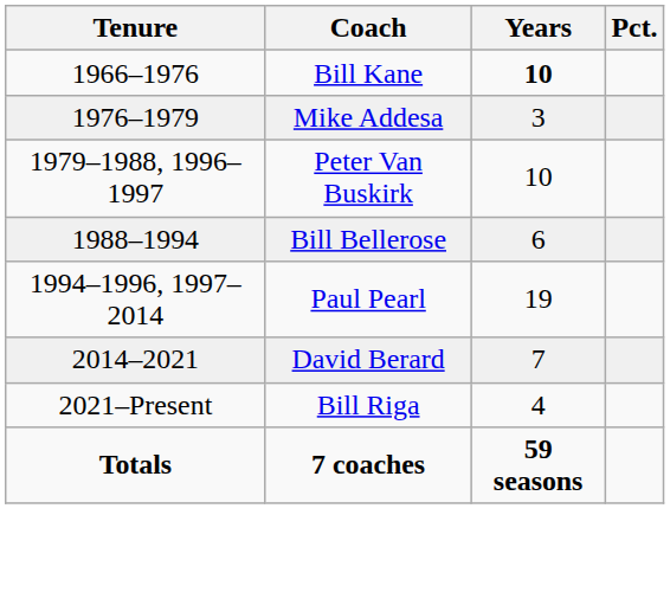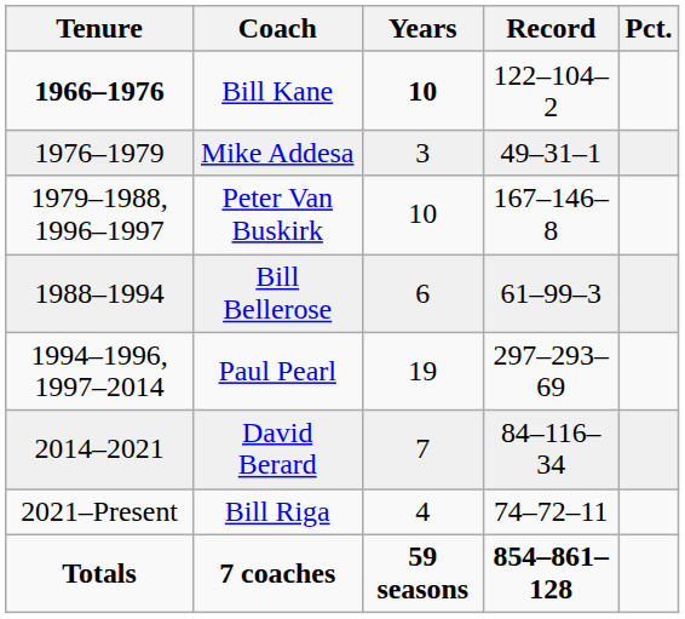 <table class="wikitable" width="60%">
 <tr>
 <th>Tenure</th>
 <th>Coach</th>
 <th>Years</th>
+<th>Record</th>
 <th>Pct.</th>
 </tr>
 <tr align="center">
-<td>1966–1976</td>
+<td><strong>1966–1976</strong></td>
 <td><a href='#'>Bill Kane</a></td>
 <td><strong>10</strong></td>
+<td>122–104–2</td>
 <td></td>
 </tr>
 <tr align="center" bgcolor=f0f0f0>
 <td>1976–1979</td>
 <td><a href='#'>Mike Addesa</a></td>
 <td>3</td>
+<td>49–31–1</td>
 <td></td>
 </tr>
 <tr align="center">
 <td>1979–1988, 1996–1997</td>
 <td><a href='#'>Peter Van Buskirk</a></td>
 <td>10</td>
+<td>167–146–8</td>
 <td></td>
 </tr>
 <tr align="center" bgcolor=f0f0f0>
 <td>1988–1994</td>
 <td><a href='#'>Bill Bellerose</a></td>
 <td>6</td>
+<td>61–99–3</td>
 <td></td>
 </tr>
 <tr align="center">
 <td>1994–1996, 1997–2014</td>
 <td><a href='#'>Paul Pearl</a></td>
 <td>19</td>
+<td>297–293–69</td>
 <td></td>
 </tr>
 <tr align="center" bgcolor=f0f0f0>
 <td>2014–2021</td>
 <td><a href='#'>David Berard</a></td>
 <td>7</td>
+<td>84–116–34</td>
 <td></td>
 </tr>
 <tr align="center">
 <td>2021–Present</td>
 <td><a href='#'>Bill Riga</a></td>
 <td>4</td>
+<td>74–72–11</td>
 <td></td>
 </tr>
 <tr align="center">
 <td><strong>Totals</strong></td>
 <td><strong>7 coaches</strong></td>
 <td><strong>59 seasons</strong></td>
+<td><strong>854–861–128</strong></td>
 <td><strong></strong></td>
 </tr>
 </table>
